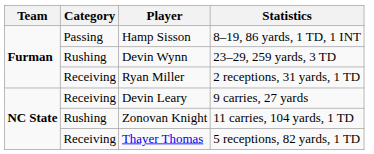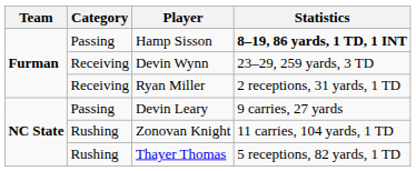 <table class="wikitable" style="float: left;">
 <tr>
 <th>Team</th>
 <th>Category</th>
 <th>Player</th>
 <th>Statistics</th>
 </tr>
 <tr>
 <td rowspan=3><strong>Furman</strong></td>
 <td>Passing</td>
 <td>Hamp Sisson</td>
-<td>8–19, 86 yards, 1 TD, 1 INT</td>
+<td><strong>8–19, 86 yards, 1 TD, 1 INT</strong></td>
 </tr>
 <tr>
-<td>Rushing</td>
+<td>Receiving</td>
 <td>Devin Wynn</td>
 <td>23–29, 259 yards, 3 TD</td>
 </tr>
 <tr>
 <td>Receiving</td>
 <td>Ryan Miller</td>
 <td>2 receptions, 31 yards, 1 TD</td>
 </tr>
 <tr>
 <td rowspan=3><strong>NC State</strong></td>
-<td>Receiving</td>
+<td>Passing</td>
 <td>Devin Leary</td>
 <td>9 carries, 27 yards</td>
 </tr>
 <tr>
 <td>Rushing</td>
 <td>Zonovan Knight</td>
 <td>11 carries, 104 yards, 1 TD</td>
 </tr>
 <tr>
-<td>Receiving</td>
+<td>Rushing</td>
 <td><a href='#'>Thayer Thomas</a></td>
 <td>5 receptions, 82 yards, 1 TD</td>
 </tr>
 </table>
